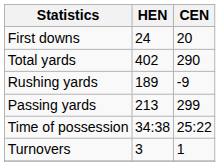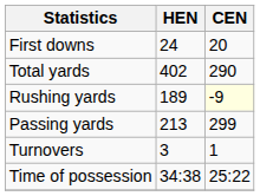 <table class="wikitable">
 <tr>
 <th>Statistics</th>
 <th>HEN</th>
 <th>CEN</th>
 </tr>
 <tr>
 <td>First downs</td>
 <td>24</td>
 <td>20</td>
 </tr>
 <tr>
 <td>Total yards</td>
 <td>402</td>
 <td>290</td>
 </tr>
 <tr>
 <td>Rushing yards</td>
 <td>189</td>
-<td>-9</td>
+<td style="background: lightyellow;">-9</td>
 </tr>
 <tr>
 <td>Passing yards</td>
 <td>213</td>
 <td>299</td>
 </tr>
 <tr>
+<td>Turnovers</td>
+<td>3</td>
+<td>1</td>
+</tr>
+<tr>
 <td>Time of possession</td>
 <td>34:38</td>
 <td>25:22</td>
 </tr>
 <tr>
-<td>Turnovers</td>
-<td>3</td>
-<td>1</td>
-</tr>
-<tr>
 </tr>
 </table>
